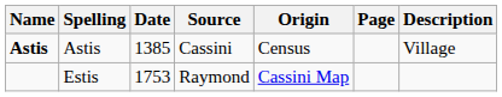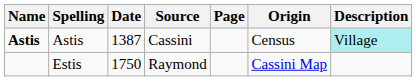 <table class="wikitable">
 <tr>
 <th>Name</th>
 <th>Spelling</th>
 <th>Date</th>
 <th>Source</th>
+<th>Page</th>
 <th>Origin</th>
-<th>Page</th>
 <th>Description</th>
 </tr>
 <tr>
 <td><strong>Astis</strong></td>
 <td>Astis</td>
-<td>1385</td>
+<td>1387</td>
 <td>Cassini</td>
+<td></td>
 <td>Census</td>
-<td></td>
-<td>Village</td>
+<td style="background: paleturquoise;">Village</td>
 </tr>
 <tr>
 <td></td>
 <td>Estis</td>
-<td>1753</td>
+<td>1750</td>
 <td>Raymond</td>
+<td></td>
 <td><a href='#'>Cassini Map</a></td>
-<td></td>
 <td></td>
 </tr>
 </table>
